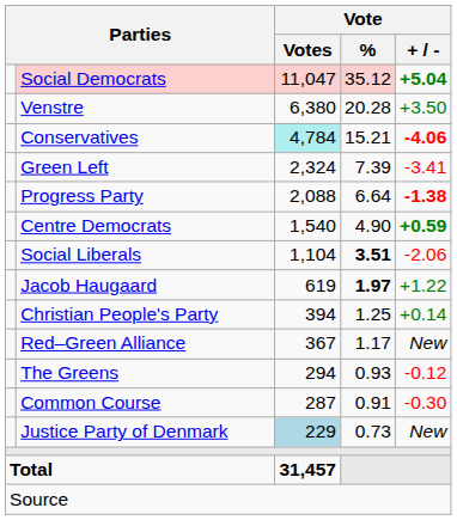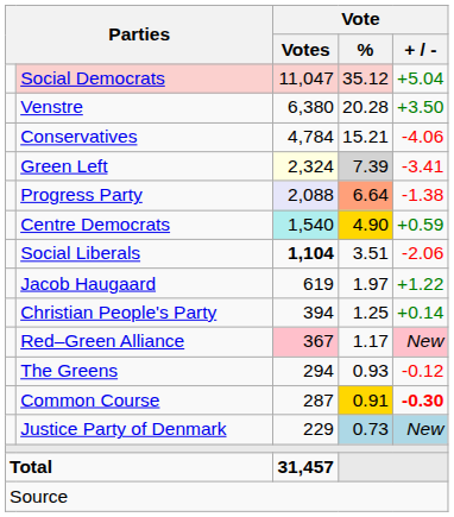 <table class="wikitable" style="text-align:right;">
 <tr>
 <th style="text-align:centre;" rowspan="2" colspan="2" width="225">Parties</th>
 <th colspan="3">Vote</th>
 </tr>
 <tr>
 <th width="15">Votes</th>
 <th width="15">%</th>
 <th width="15">+ / -</th>
 </tr>
 <tr>
 <td width="2" style="color:inherit;background:"></td>
 <td bgcolor=#fbd0ce  align="left"><a href='#'>Social Democrats</a></td>
 <td bgcolor=#fbd0ce>11,047</td>
 <td bgcolor=#fbd0ce>35.12</td>
-<td style=color:green;><strong>+5.04</strong></td>
+<td style=color:green;>+5.04</td>
 </tr>
 <tr>
 <td width="2" style="color:inherit;background:"></td>
 <td align="left"><a href='#'>Venstre</a></td>
 <td>6,380</td>
 <td>20.28</td>
 <td style=color:green;>+3.50</td>
 </tr>
 <tr>
 <td width="2" style="color:inherit;background:"></td>
 <td align="left"><a href='#'>Conservatives</a></td>
-<td style="background: paleturquoise;">4,784</td>
+<td>4,784</td>
 <td>15.21</td>
-<td style=color:red;><strong>-4.06</strong></td>
+<td style=color:red;>-4.06</td>
 </tr>
 <tr>
 <td width="2" style="color:inherit;background:"></td>
 <td align="left"><a href='#'>Green Left</a></td>
-<td>2,324</td>
-<td>7.39</td>
+<td style="background: lightyellow;">2,324</td>
+<td style="background: lightgrey;">7.39</td>
 <td style=color:red;>-3.41</td>
 </tr>
 <tr>
 <td width="2" style="color:inherit;background:"></td>
 <td align="left"><a href='#'>Progress Party</a></td>
-<td>2,088</td>
-<td>6.64</td>
-<td style=color:red;><strong>-1.38</strong></td>
+<td style="background: lavender;">2,088</td>
+<td style="background: lightsalmon;">6.64</td>
+<td style=color:red;>-1.38</td>
 </tr>
 <tr>
 <td width="2" style="color:inherit;background:"></td>
 <td align="left"><a href='#'>Centre Democrats</a></td>
-<td>1,540</td>
-<td>4.90</td>
-<td style=color:green;><strong>+0.59</strong></td>
+<td style="background: paleturquoise;">1,540</td>
+<td style="background: gold;">4.90</td>
+<td style=color:green;>+0.59</td>
 </tr>
 <tr>
 <td width="2" style="color:inherit;background:"></td>
 <td align="left"><a href='#'>Social Liberals</a></td>
-<td>1,104</td>
-<td><strong>3.51</strong></td>
+<td><strong>1,104</strong></td>
+<td>3.51</td>
 <td style=color:red;>-2.06</td>
 </tr>
 <tr>
 <td width="2" style="color:inherit;background:"></td>
 <td align="left"><a href='#'>Jacob Haugaard</a></td>
 <td>619</td>
-<td><strong>1.97</strong></td>
+<td>1.97</td>
 <td style=color:green;>+1.22</td>
 </tr>
 <tr>
 <td width="2" style="color:inherit;background:"></td>
 <td align="left"><a href='#'>Christian People's Party</a></td>
 <td>394</td>
 <td>1.25</td>
 <td style=color:green;>+0.14</td>
 </tr>
 <tr>
 <td width="2" style="color:inherit;background:"></td>
 <td align="left"><a href='#'>Red–Green Alliance</a></td>
-<td>367</td>
+<td style="background: pink;">367</td>
 <td>1.17</td>
-<td><em>New</em></td>
+<td style="background: pink;"><em>New</em></td>
 </tr>
 <tr>
 <td width="2" style="color:inherit;background:"></td>
 <td align="left"><a href='#'>The Greens</a></td>
 <td>294</td>
 <td>0.93</td>
 <td style=color:red;>-0.12</td>
 </tr>
 <tr>
 <td width="2" style="color:inherit;background:"></td>
 <td align="left"><a href='#'>Common Course</a></td>
 <td>287</td>
-<td>0.91</td>
-<td style=color:red;>-0.30</td>
+<td style="background: gold;">0.91</td>
+<td style=color:red;><strong>-0.30</strong></td>
 </tr>
 <tr>
 <td width="2" style="color:inherit;background:"></td>
 <td align="left"><a href='#'>Justice Party of Denmark</a></td>
-<td style="background: lightblue;">229</td>
-<td>0.73</td>
-<td><em>New</em></td>
+<td>229</td>
+<td style="background: lightblue;">0.73</td>
+<td style="background: lightblue;"><em>New</em></td>
 </tr>
 <tr>
 <td colspan="7" bgcolor="#E9E9E9"></td>
 </tr>
 <tr>
 <td align="left" colspan="2"><strong>Total</strong></td>
 <td><strong>31,457</strong></td>
 <td bgcolor="#E9E9E9" colspan="2"></td>
 </tr>
 <tr>
 <td align="left" colspan="6">Source</td>
 </tr>
 </table>
